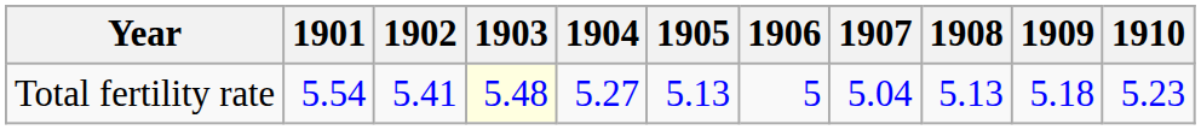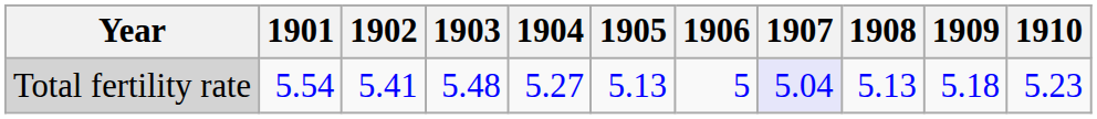 <table class="wikitable " style="text-align:right">
 <tr>
 <th>Year</th>
 <th>1901</th>
 <th>1902</th>
 <th>1903</th>
 <th>1904</th>
 <th>1905</th>
 <th>1906</th>
 <th>1907</th>
 <th>1908</th>
 <th>1909</th>
 <th>1910</th>
 </tr>
 <tr>
-<td align="left">Total fertility rate</td>
+<td align="left" style="background: lightgrey;">Total fertility rate</td>
 <td style="text-align:right; color:blue;">5.54</td>
 <td style="text-align:right; color:blue;">5.41</td>
-<td style="background: lightyellow; text-align:right; color:blue;">5.48</td>
+<td style="text-align:right; color:blue;">5.48</td>
 <td style="text-align:right; color:blue;">5.27</td>
 <td style="text-align:right; color:blue;">5.13</td>
 <td style="text-align:right; color:blue;">5</td>
-<td style="text-align:right; color:blue;">5.04</td>
+<td style="background: lavender; text-align:right; color:blue;">5.04</td>
 <td style="text-align:right; color:blue;">5.13</td>
 <td style="text-align:right; color:blue;">5.18</td>
 <td style="text-align:right; color:blue;">5.23</td>
 </tr>
 </table>
